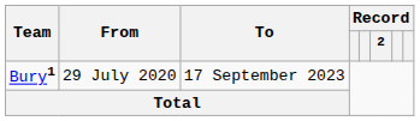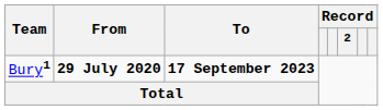 <table class=wikitable style=text-align:center>
 <tr>
 <th rowspan=2>Team</th>
 <th rowspan=2>From</th>
 <th rowspan=2>To</th>
 <th colspan=5>Record</th>
 </tr>
 <tr>
 <th></th>
 <th></th>
 <th><sup><span><strong>2</strong></span></sup></th>
 <th></th>
 <th></th>
 </tr>
 <tr>
 <td align=left><a href='#'>Bury</a><sup><span><strong>1</strong></span></sup></td>
-<td align=left>29 July 2020</td>
-<td align=left>17 September 2023<br></td>
+<td align=left><strong>29 July 2020</strong></td>
+<td align=left><strong>17 September 2023<br></strong></td>
 </tr>
 <tr>
 <th colspan=3>Total<br></th>
 </tr>
 </table>
